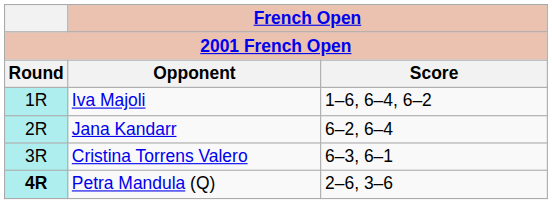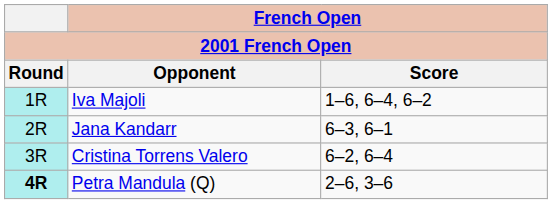 <table class="wikitable collapsible collapsed">
 <tr>
 <th></th>
 <th colspan=2 style="background:#ebc2af;"><a href='#'>French Open</a></th>
 </tr>
 <tr>
 <th colspan=3 style="background:#ebc2af;"><a href='#'>2001 French Open</a></th>
 </tr>
 <tr>
 <th>Round</th>
 <th width=225>Opponent</th>
 <th width=200>Score</th>
 </tr>
 <tr>
 <td style="text-align:center; background:#afeeee;">1R</td>
 <td> <a href='#'>Iva Majoli</a></td>
 <td>1–6, 6–4, 6–2</td>
 </tr>
 <tr>
 <td style="text-align:center; background:#afeeee;">2R</td>
 <td> <a href='#'>Jana Kandarr</a></td>
-<td>6–2, 6–4</td>
+<td>6–3, 6–1</td>
 </tr>
 <tr>
 <td style="text-align:center; background:#afeeee;">3R</td>
 <td> <a href='#'>Cristina Torrens Valero</a></td>
-<td>6–3, 6–1</td>
+<td>6–2, 6–4</td>
 </tr>
 <tr>
 <td style="text-align:center; background:#afeeee;"><strong>4R</strong></td>
 <td> <a href='#'>Petra Mandula</a> (Q)</td>
 <td>2–6, 3–6</td>
 </tr>
 </table>
